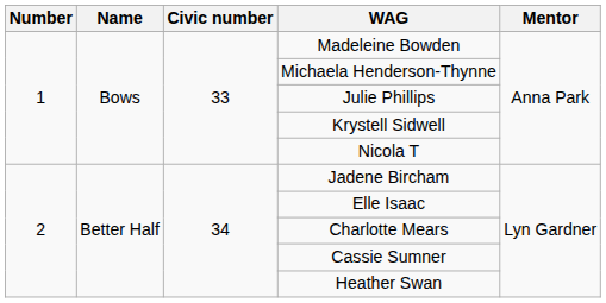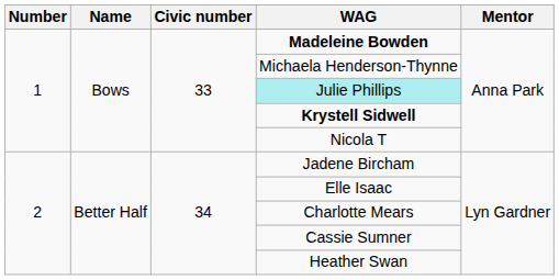 <table class="wikitable" style="text-align:center;">
 <tr>
 <th>Number</th>
 <th>Name</th>
 <th>Civic number</th>
 <th>WAG</th>
 <th>Mentor</th>
 </tr>
 <tr>
 <td rowspan=5>1</td>
 <td rowspan=5>Bows</td>
 <td rowspan=5>33</td>
-<td>Madeleine Bowden</td>
+<td><strong>Madeleine Bowden</strong></td>
 <td rowspan=5>Anna Park</td>
 </tr>
 <tr>
 <td>Michaela Henderson-Thynne</td>
 </tr>
 <tr>
-<td>Julie Phillips</td>
+<td style="background: paleturquoise;">Julie Phillips</td>
 </tr>
 <tr>
-<td>Krystell Sidwell</td>
+<td><strong>Krystell Sidwell</strong></td>
 </tr>
 <tr>
 <td>Nicola T</td>
 </tr>
 <tr>
 <td rowspan=5>2</td>
 <td rowspan=5>Better Half</td>
 <td rowspan=5>34</td>
 <td>Jadene Bircham</td>
 <td rowspan=5>Lyn Gardner</td>
 </tr>
 <tr>
 <td>Elle Isaac</td>
 </tr>
 <tr>
 <td>Charlotte Mears</td>
 </tr>
 <tr>
 <td>Cassie Sumner</td>
 </tr>
 <tr>
 <td>Heather Swan</td>
 </tr>
 </table>
